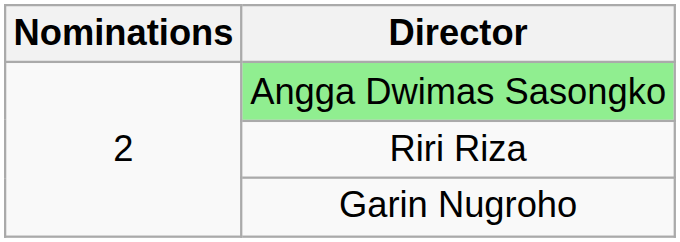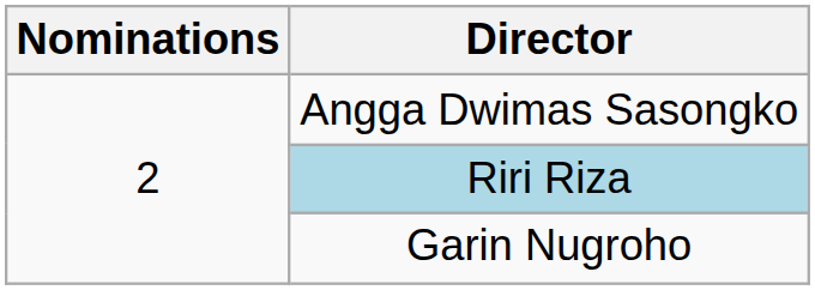 <table class="wikitable" style="text-align:center;">
 <tr>
 <th scope="col" width="55">Nominations</th>
 <th scope="col" align="center">Director</th>
 </tr>
 <tr>
 <td rowspan="3">2</td>
-<td style="background: lightgreen;">Angga Dwimas Sasongko</td>
+<td>Angga Dwimas Sasongko</td>
 </tr>
 <tr>
-<td>Riri Riza</td>
+<td style="background: lightblue;">Riri Riza</td>
 </tr>
 <tr>
 <td>Garin Nugroho</td>
 </tr>
 </table>
